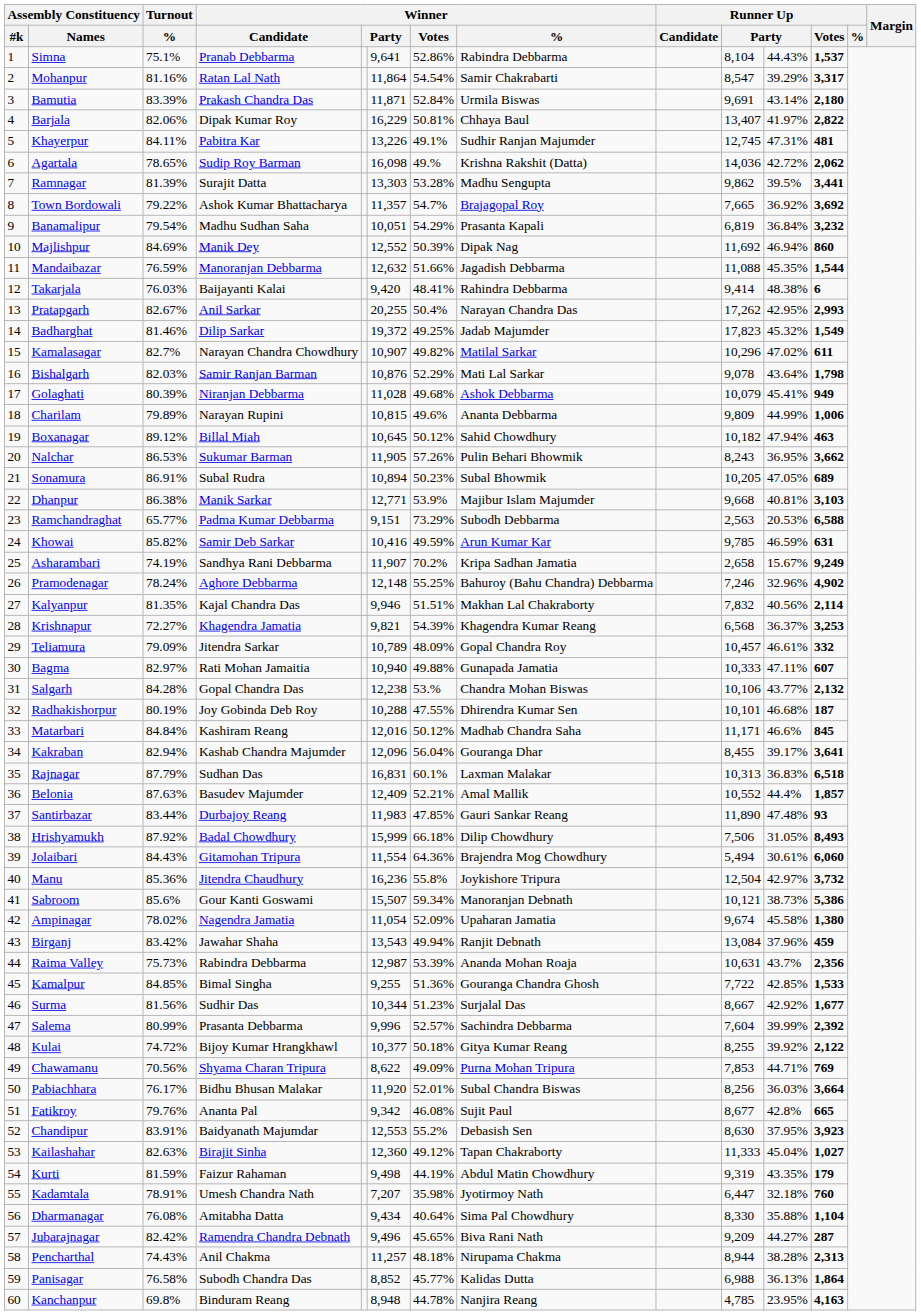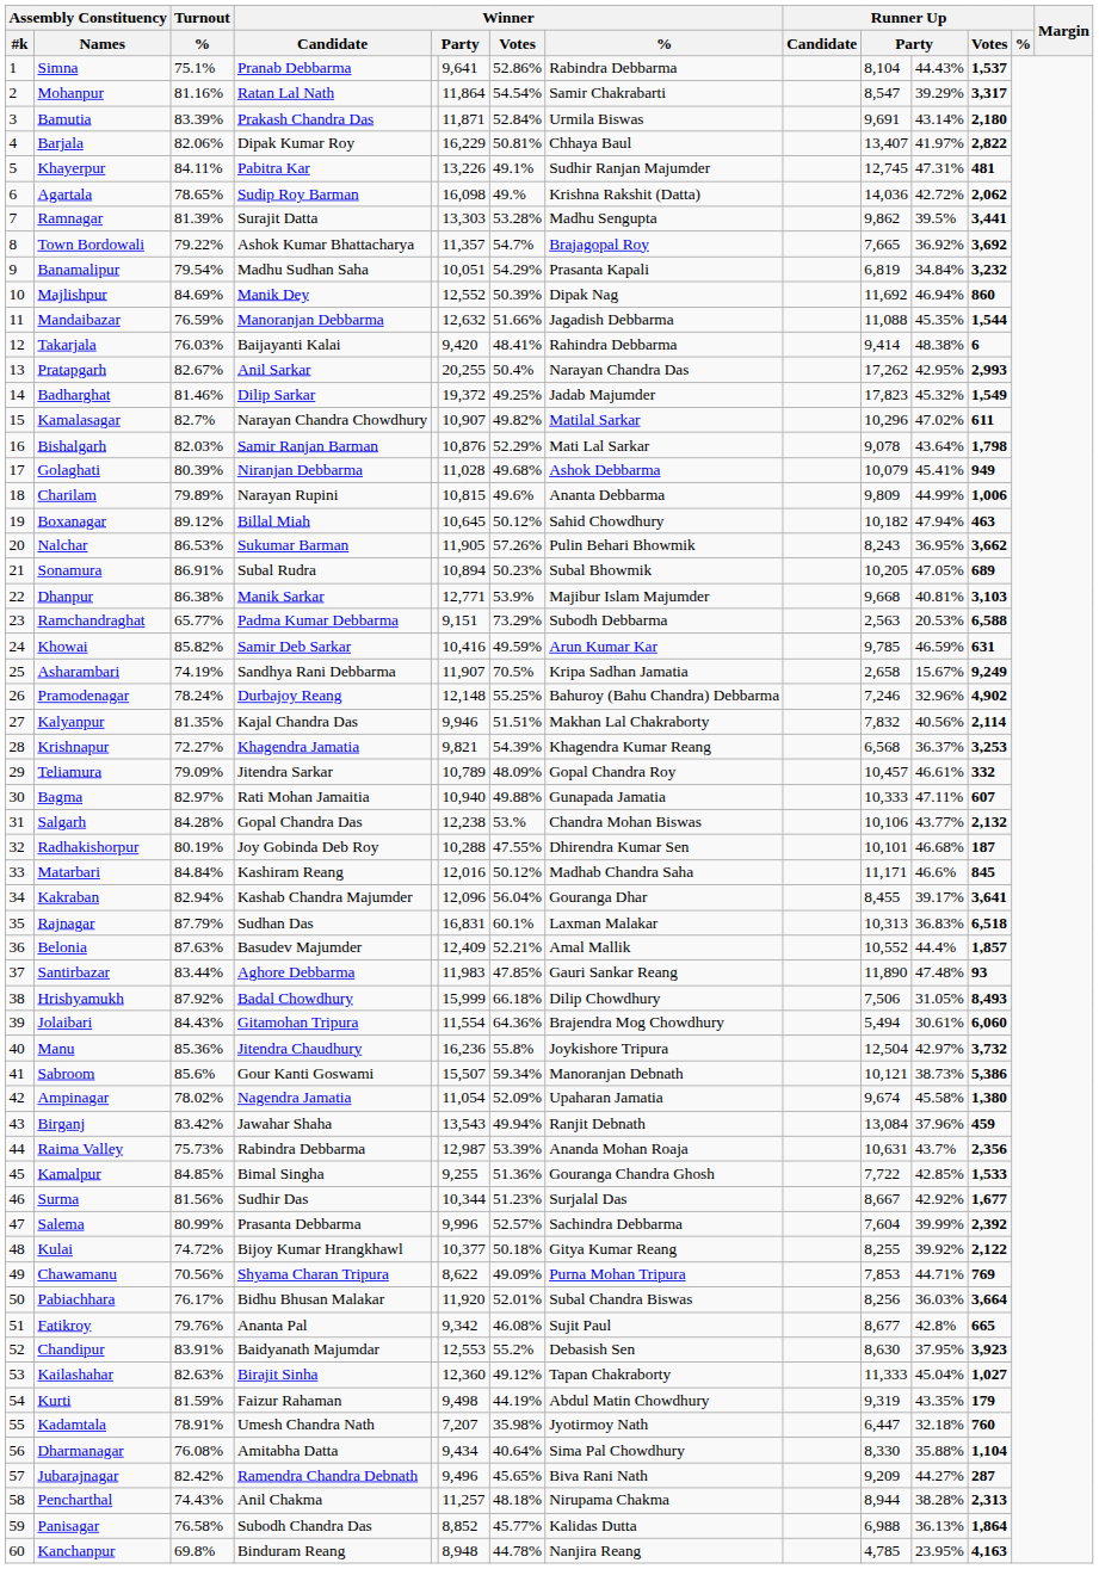 <table class="wikitable sortable">
 <tr>
 <th colspan="2">Assembly Constituency</th>
 <th>Turnout</th>
 <th colspan="5">Winner</th>
 <th colspan="5">Runner Up</th>
 <th rowspan="2" data-sort-type=number>Margin</th>
 </tr>
 <tr>
 <th>#k</th>
 <th>Names</th>
 <th>%</th>
 <th>Candidate</th>
 <th colspan="2">Party</th>
 <th data-sort-type=number>Votes</th>
 <th>%</th>
 <th>Candidate</th>
 <th colspan="2">Party</th>
 <th data-sort-type=number>Votes</th>
 <th>%</th>
 </tr>
 <tr>
 <td>1</td>
 <td><a href='#'>Simna</a></td>
 <td>75.1%</td>
 <td><a href='#'>Pranab Debbarma</a></td>
 <td></td>
 <td>9,641</td>
 <td>52.86%</td>
 <td>Rabindra Debbarma</td>
 <td></td>
 <td>8,104</td>
 <td>44.43%</td>
 <td style="background:"><span><strong>1,537</strong></span></td>
 </tr>
 <tr>
 <td>2</td>
 <td><a href='#'>Mohanpur</a></td>
 <td>81.16%</td>
 <td><a href='#'>Ratan Lal Nath</a></td>
 <td></td>
 <td>11,864</td>
 <td>54.54%</td>
 <td>Samir Chakrabarti</td>
 <td></td>
 <td>8,547</td>
 <td>39.29%</td>
 <td style="background:"><span><strong>3,317</strong></span></td>
 </tr>
 <tr>
 <td>3</td>
 <td><a href='#'>Bamutia</a></td>
 <td>83.39%</td>
 <td><a href='#'>Prakash Chandra Das</a></td>
 <td></td>
 <td>11,871</td>
 <td>52.84%</td>
 <td>Urmila Biswas</td>
 <td></td>
 <td>9,691</td>
 <td>43.14%</td>
 <td style="background:"><span><strong>2,180</strong></span></td>
 </tr>
 <tr>
 <td>4</td>
 <td><a href='#'>Barjala</a></td>
 <td>82.06%</td>
 <td>Dipak Kumar Roy</td>
 <td></td>
 <td>16,229</td>
 <td>50.81%</td>
 <td>Chhaya Baul</td>
 <td></td>
 <td>13,407</td>
 <td>41.97%</td>
 <td style="background:"><span><strong>2,822</strong></span></td>
 </tr>
 <tr>
 <td>5</td>
 <td><a href='#'>Khayerpur</a></td>
 <td>84.11%</td>
 <td><a href='#'>Pabitra Kar</a></td>
 <td></td>
 <td>13,226</td>
 <td>49.1%</td>
 <td>Sudhir Ranjan Majumder</td>
 <td></td>
 <td>12,745</td>
 <td>47.31%</td>
 <td style="background:"><span><strong>481</strong></span></td>
 </tr>
 <tr>
 <td>6</td>
 <td><a href='#'>Agartala</a></td>
 <td>78.65%</td>
 <td><a href='#'>Sudip Roy Barman</a></td>
 <td></td>
 <td>16,098</td>
 <td>49.%</td>
 <td>Krishna Rakshit (Datta)</td>
 <td></td>
 <td>14,036</td>
 <td>42.72%</td>
 <td style="background:"><span><strong>2,062</strong></span></td>
 </tr>
 <tr>
 <td>7</td>
 <td><a href='#'>Ramnagar</a></td>
 <td>81.39%</td>
 <td>Surajit Datta</td>
 <td></td>
 <td>13,303</td>
 <td>53.28%</td>
 <td>Madhu Sengupta</td>
 <td></td>
 <td>9,862</td>
 <td>39.5%</td>
 <td style="background:"><span><strong>3,441</strong></span></td>
 </tr>
 <tr>
 <td>8</td>
 <td><a href='#'>Town Bordowali</a></td>
 <td>79.22%</td>
 <td>Ashok Kumar Bhattacharya</td>
 <td></td>
 <td>11,357</td>
 <td>54.7%</td>
 <td><a href='#'>Brajagopal Roy</a></td>
 <td></td>
 <td>7,665</td>
 <td>36.92%</td>
 <td style="background:"><span><strong>3,692</strong></span></td>
 </tr>
 <tr>
 <td>9</td>
 <td><a href='#'>Banamalipur</a></td>
 <td>79.54%</td>
 <td>Madhu Sudhan Saha</td>
 <td></td>
 <td>10,051</td>
 <td>54.29%</td>
 <td>Prasanta Kapali</td>
 <td></td>
 <td>6,819</td>
-<td>36.84%</td>
+<td>34.84%</td>
 <td style="background:"><span><strong>3,232</strong></span></td>
 </tr>
 <tr>
 <td>10</td>
 <td><a href='#'>Majlishpur</a></td>
 <td>84.69%</td>
 <td><a href='#'>Manik Dey</a></td>
 <td></td>
 <td>12,552</td>
 <td>50.39%</td>
 <td>Dipak Nag</td>
 <td></td>
 <td>11,692</td>
 <td>46.94%</td>
 <td style="background:"><span><strong>860</strong></span></td>
 </tr>
 <tr>
 <td>11</td>
 <td><a href='#'>Mandaibazar</a></td>
 <td>76.59%</td>
 <td><a href='#'>Manoranjan Debbarma</a></td>
 <td></td>
 <td>12,632</td>
 <td>51.66%</td>
 <td>Jagadish Debbarma</td>
 <td></td>
 <td>11,088</td>
 <td>45.35%</td>
 <td style="background:"><span><strong>1,544</strong></span></td>
 </tr>
 <tr>
 <td>12</td>
 <td><a href='#'>Takarjala</a></td>
 <td>76.03%</td>
 <td>Baijayanti Kalai</td>
 <td></td>
 <td>9,420</td>
 <td>48.41%</td>
 <td>Rahindra Debbarma</td>
 <td></td>
 <td>9,414</td>
 <td>48.38%</td>
 <td style="background:"><span><strong>6</strong></span></td>
 </tr>
 <tr>
 <td>13</td>
 <td><a href='#'>Pratapgarh</a></td>
 <td>82.67%</td>
 <td><a href='#'>Anil Sarkar</a></td>
 <td></td>
 <td>20,255</td>
 <td>50.4%</td>
 <td>Narayan Chandra Das</td>
 <td></td>
 <td>17,262</td>
 <td>42.95%</td>
 <td style="background:"><span><strong>2,993</strong></span></td>
 </tr>
 <tr>
 <td>14</td>
 <td><a href='#'>Badharghat</a></td>
 <td>81.46%</td>
 <td><a href='#'>Dilip Sarkar</a></td>
 <td></td>
 <td>19,372</td>
 <td>49.25%</td>
 <td>Jadab Majumder</td>
 <td></td>
 <td>17,823</td>
 <td>45.32%</td>
 <td style="background:"><span><strong>1,549</strong></span></td>
 </tr>
 <tr>
 <td>15</td>
 <td><a href='#'>Kamalasagar</a></td>
 <td>82.7%</td>
 <td>Narayan Chandra Chowdhury</td>
 <td></td>
 <td>10,907</td>
 <td>49.82%</td>
 <td><a href='#'>Matilal Sarkar</a></td>
 <td></td>
 <td>10,296</td>
 <td>47.02%</td>
 <td style="background:"><span><strong>611</strong></span></td>
 </tr>
 <tr>
 <td>16</td>
 <td><a href='#'>Bishalgarh</a></td>
 <td>82.03%</td>
 <td><a href='#'>Samir Ranjan Barman</a></td>
 <td></td>
 <td>10,876</td>
 <td>52.29%</td>
 <td>Mati Lal Sarkar</td>
 <td></td>
 <td>9,078</td>
 <td>43.64%</td>
 <td style="background:"><span><strong>1,798</strong></span></td>
 </tr>
 <tr>
 <td>17</td>
 <td><a href='#'>Golaghati</a></td>
 <td>80.39%</td>
 <td><a href='#'>Niranjan Debbarma</a></td>
 <td></td>
 <td>11,028</td>
 <td>49.68%</td>
 <td><a href='#'>Ashok Debbarma</a></td>
 <td></td>
 <td>10,079</td>
 <td>45.41%</td>
 <td style="background:"><span><strong>949</strong></span></td>
 </tr>
 <tr>
 <td>18</td>
 <td><a href='#'>Charilam</a></td>
 <td>79.89%</td>
 <td>Narayan Rupini</td>
 <td></td>
 <td>10,815</td>
 <td>49.6%</td>
 <td>Ananta Debbarma</td>
 <td></td>
 <td>9,809</td>
 <td>44.99%</td>
 <td style="background:"><span><strong>1,006</strong></span></td>
 </tr>
 <tr>
 <td>19</td>
 <td><a href='#'>Boxanagar</a></td>
 <td>89.12%</td>
 <td><a href='#'>Billal Miah</a></td>
 <td></td>
 <td>10,645</td>
 <td>50.12%</td>
 <td>Sahid Chowdhury</td>
 <td></td>
 <td>10,182</td>
 <td>47.94%</td>
 <td style="background:"><span><strong>463</strong></span></td>
 </tr>
 <tr>
 <td>20</td>
 <td><a href='#'>Nalchar</a></td>
 <td>86.53%</td>
 <td><a href='#'>Sukumar Barman</a></td>
 <td></td>
 <td>11,905</td>
 <td>57.26%</td>
 <td>Pulin Behari Bhowmik</td>
 <td></td>
 <td>8,243</td>
 <td>36.95%</td>
 <td style="background:"><span><strong>3,662</strong></span></td>
 </tr>
 <tr>
 <td>21</td>
 <td><a href='#'>Sonamura</a></td>
 <td>86.91%</td>
 <td>Subal Rudra</td>
 <td></td>
 <td>10,894</td>
 <td>50.23%</td>
 <td>Subal Bhowmik</td>
 <td></td>
 <td>10,205</td>
 <td>47.05%</td>
 <td style="background:"><span><strong>689</strong></span></td>
 </tr>
 <tr>
 <td>22</td>
 <td><a href='#'>Dhanpur</a></td>
 <td>86.38%</td>
 <td><a href='#'>Manik Sarkar</a></td>
 <td></td>
 <td>12,771</td>
 <td>53.9%</td>
 <td>Majibur Islam Majumder</td>
 <td></td>
 <td>9,668</td>
 <td>40.81%</td>
 <td style="background:"><span><strong>3,103</strong></span></td>
 </tr>
 <tr>
 <td>23</td>
 <td><a href='#'>Ramchandraghat</a></td>
 <td>65.77%</td>
 <td><a href='#'>Padma Kumar Debbarma</a></td>
 <td></td>
 <td>9,151</td>
 <td>73.29%</td>
 <td>Subodh Debbarma</td>
 <td></td>
 <td>2,563</td>
 <td>20.53%</td>
 <td style="background:"><span><strong>6,588</strong></span></td>
 </tr>
 <tr>
 <td>24</td>
 <td><a href='#'>Khowai</a></td>
 <td>85.82%</td>
 <td><a href='#'>Samir Deb Sarkar</a></td>
 <td></td>
 <td>10,416</td>
 <td>49.59%</td>
 <td><a href='#'>Arun Kumar Kar</a></td>
 <td></td>
 <td>9,785</td>
 <td>46.59%</td>
 <td style="background:"><span><strong>631</strong></span></td>
 </tr>
 <tr>
 <td>25</td>
 <td><a href='#'>Asharambari</a></td>
 <td>74.19%</td>
 <td>Sandhya Rani Debbarma</td>
 <td></td>
 <td>11,907</td>
-<td>70.2%</td>
+<td>70.5%</td>
 <td>Kripa Sadhan Jamatia</td>
 <td></td>
 <td>2,658</td>
 <td>15.67%</td>
 <td style="background:"><span><strong>9,249</strong></span></td>
 </tr>
 <tr>
 <td>26</td>
 <td><a href='#'>Pramodenagar</a></td>
 <td>78.24%</td>
-<td><a href='#'>Aghore Debbarma</a></td>
+<td><a href='#'>Durbajoy Reang</a></td>
 <td></td>
 <td>12,148</td>
 <td>55.25%</td>
 <td>Bahuroy (Bahu Chandra) Debbarma</td>
 <td></td>
 <td>7,246</td>
 <td>32.96%</td>
 <td style="background:"><span><strong>4,902</strong></span></td>
 </tr>
 <tr>
 <td>27</td>
 <td><a href='#'>Kalyanpur</a></td>
 <td>81.35%</td>
 <td>Kajal Chandra Das</td>
 <td></td>
 <td>9,946</td>
 <td>51.51%</td>
 <td>Makhan Lal Chakraborty</td>
 <td></td>
 <td>7,832</td>
 <td>40.56%</td>
 <td style="background:"><span><strong>2,114</strong></span></td>
 </tr>
 <tr>
 <td>28</td>
 <td><a href='#'>Krishnapur</a></td>
 <td>72.27%</td>
 <td><a href='#'>Khagendra Jamatia</a></td>
 <td></td>
 <td>9,821</td>
 <td>54.39%</td>
 <td>Khagendra Kumar Reang</td>
 <td></td>
 <td>6,568</td>
 <td>36.37%</td>
 <td style="background:"><span><strong>3,253</strong></span></td>
 </tr>
 <tr>
 <td>29</td>
 <td><a href='#'>Teliamura</a></td>
 <td>79.09%</td>
 <td>Jitendra Sarkar</td>
 <td></td>
 <td>10,789</td>
 <td>48.09%</td>
 <td>Gopal Chandra Roy</td>
 <td></td>
 <td>10,457</td>
 <td>46.61%</td>
 <td style="background:"><span><strong>332</strong></span></td>
 </tr>
 <tr>
 <td>30</td>
 <td><a href='#'>Bagma</a></td>
 <td>82.97%</td>
 <td>Rati Mohan Jamaitia</td>
 <td></td>
 <td>10,940</td>
 <td>49.88%</td>
 <td>Gunapada Jamatia</td>
 <td></td>
 <td>10,333</td>
 <td>47.11%</td>
 <td style="background:"><span><strong>607</strong></span></td>
 </tr>
 <tr>
 <td>31</td>
 <td><a href='#'>Salgarh</a></td>
 <td>84.28%</td>
 <td>Gopal Chandra Das</td>
 <td></td>
 <td>12,238</td>
 <td>53.%</td>
 <td>Chandra Mohan Biswas</td>
 <td></td>
 <td>10,106</td>
 <td>43.77%</td>
 <td style="background:"><span><strong>2,132</strong></span></td>
 </tr>
 <tr>
 <td>32</td>
 <td><a href='#'>Radhakishorpur</a></td>
 <td>80.19%</td>
 <td>Joy Gobinda Deb Roy</td>
 <td></td>
 <td>10,288</td>
 <td>47.55%</td>
 <td>Dhirendra Kumar Sen</td>
 <td></td>
 <td>10,101</td>
 <td>46.68%</td>
 <td style="background:"><span><strong>187</strong></span></td>
 </tr>
 <tr>
 <td>33</td>
 <td><a href='#'>Matarbari</a></td>
 <td>84.84%</td>
 <td>Kashiram Reang</td>
 <td></td>
 <td>12,016</td>
 <td>50.12%</td>
 <td>Madhab Chandra Saha</td>
 <td></td>
 <td>11,171</td>
 <td>46.6%</td>
 <td style="background:"><span><strong>845</strong></span></td>
 </tr>
 <tr>
 <td>34</td>
 <td><a href='#'>Kakraban</a></td>
 <td>82.94%</td>
 <td>Kashab Chandra Majumder</td>
 <td></td>
 <td>12,096</td>
 <td>56.04%</td>
 <td>Gouranga Dhar</td>
 <td></td>
 <td>8,455</td>
 <td>39.17%</td>
 <td style="background:"><span><strong>3,641</strong></span></td>
 </tr>
 <tr>
 <td>35</td>
 <td><a href='#'>Rajnagar</a></td>
 <td>87.79%</td>
 <td>Sudhan Das</td>
 <td></td>
 <td>16,831</td>
 <td>60.1%</td>
 <td>Laxman Malakar</td>
 <td></td>
 <td>10,313</td>
 <td>36.83%</td>
 <td style="background:"><span><strong>6,518</strong></span></td>
 </tr>
 <tr>
 <td>36</td>
 <td><a href='#'>Belonia</a></td>
 <td>87.63%</td>
 <td>Basudev Majumder</td>
 <td></td>
 <td>12,409</td>
 <td>52.21%</td>
 <td>Amal Mallik</td>
 <td></td>
 <td>10,552</td>
 <td>44.4%</td>
 <td style="background:"><span><strong>1,857</strong></span></td>
 </tr>
 <tr>
 <td>37</td>
 <td><a href='#'>Santirbazar</a></td>
 <td>83.44%</td>
-<td><a href='#'>Durbajoy Reang</a></td>
+<td><a href='#'>Aghore Debbarma</a></td>
 <td></td>
 <td>11,983</td>
 <td>47.85%</td>
 <td>Gauri Sankar Reang</td>
 <td></td>
 <td>11,890</td>
 <td>47.48%</td>
 <td style="background:"><span><strong>93</strong></span></td>
 </tr>
 <tr>
 <td>38</td>
 <td><a href='#'>Hrishyamukh</a></td>
 <td>87.92%</td>
 <td><a href='#'>Badal Chowdhury</a></td>
 <td></td>
 <td>15,999</td>
 <td>66.18%</td>
 <td>Dilip Chowdhury</td>
 <td></td>
 <td>7,506</td>
 <td>31.05%</td>
 <td style="background:"><span><strong>8,493</strong></span></td>
 </tr>
 <tr>
 <td>39</td>
 <td><a href='#'>Jolaibari</a></td>
 <td>84.43%</td>
 <td><a href='#'>Gitamohan Tripura</a></td>
 <td></td>
 <td>11,554</td>
 <td>64.36%</td>
 <td>Brajendra Mog Chowdhury</td>
 <td></td>
 <td>5,494</td>
 <td>30.61%</td>
 <td style="background:"><span><strong>6,060</strong></span></td>
 </tr>
 <tr>
 <td>40</td>
 <td><a href='#'>Manu</a></td>
 <td>85.36%</td>
 <td><a href='#'>Jitendra Chaudhury</a></td>
 <td></td>
 <td>16,236</td>
 <td>55.8%</td>
 <td>Joykishore Tripura</td>
 <td></td>
 <td>12,504</td>
 <td>42.97%</td>
 <td style="background:"><span><strong>3,732</strong></span></td>
 </tr>
 <tr>
 <td>41</td>
 <td><a href='#'>Sabroom</a></td>
 <td>85.6%</td>
 <td>Gour Kanti Goswami</td>
 <td></td>
 <td>15,507</td>
 <td>59.34%</td>
 <td>Manoranjan Debnath</td>
 <td></td>
 <td>10,121</td>
 <td>38.73%</td>
 <td style="background:"><span><strong>5,386</strong></span></td>
 </tr>
 <tr>
 <td>42</td>
 <td><a href='#'>Ampinagar</a></td>
 <td>78.02%</td>
 <td><a href='#'>Nagendra Jamatia</a></td>
 <td></td>
 <td>11,054</td>
 <td>52.09%</td>
 <td>Upaharan Jamatia</td>
 <td></td>
 <td>9,674</td>
 <td>45.58%</td>
 <td style="background:"><span><strong>1,380</strong></span></td>
 </tr>
 <tr>
 <td>43</td>
 <td><a href='#'>Birganj</a></td>
 <td>83.42%</td>
 <td>Jawahar Shaha</td>
 <td></td>
 <td>13,543</td>
 <td>49.94%</td>
 <td>Ranjit Debnath</td>
 <td></td>
 <td>13,084</td>
 <td>37.96%</td>
 <td style="background:"><span><strong>459</strong></span></td>
 </tr>
 <tr>
 <td>44</td>
 <td><a href='#'>Raima Valley</a></td>
 <td>75.73%</td>
 <td>Rabindra Debbarma</td>
 <td></td>
 <td>12,987</td>
 <td>53.39%</td>
 <td>Ananda Mohan Roaja</td>
 <td></td>
 <td>10,631</td>
 <td>43.7%</td>
 <td style="background:"><span><strong>2,356</strong></span></td>
 </tr>
 <tr>
 <td>45</td>
 <td><a href='#'>Kamalpur</a></td>
 <td>84.85%</td>
 <td>Bimal Singha</td>
 <td></td>
 <td>9,255</td>
 <td>51.36%</td>
 <td>Gouranga Chandra Ghosh</td>
 <td></td>
 <td>7,722</td>
 <td>42.85%</td>
 <td style="background:"><span><strong>1,533</strong></span></td>
 </tr>
 <tr>
 <td>46</td>
 <td><a href='#'>Surma</a></td>
 <td>81.56%</td>
 <td>Sudhir Das</td>
 <td></td>
 <td>10,344</td>
 <td>51.23%</td>
 <td>Surjalal Das</td>
 <td></td>
 <td>8,667</td>
 <td>42.92%</td>
 <td style="background:"><span><strong>1,677</strong></span></td>
 </tr>
 <tr>
 <td>47</td>
 <td><a href='#'>Salema</a></td>
 <td>80.99%</td>
 <td>Prasanta Debbarma</td>
 <td></td>
 <td>9,996</td>
 <td>52.57%</td>
 <td>Sachindra Debbarma</td>
 <td></td>
 <td>7,604</td>
 <td>39.99%</td>
 <td style="background:"><span><strong>2,392</strong></span></td>
 </tr>
 <tr>
 <td>48</td>
 <td><a href='#'>Kulai</a></td>
 <td>74.72%</td>
 <td>Bijoy Kumar Hrangkhawl</td>
 <td></td>
 <td>10,377</td>
 <td>50.18%</td>
 <td>Gitya Kumar Reang</td>
 <td></td>
 <td>8,255</td>
 <td>39.92%</td>
 <td style="background:"><span><strong>2,122</strong></span></td>
 </tr>
 <tr>
 <td>49</td>
 <td><a href='#'>Chawamanu</a></td>
 <td>70.56%</td>
 <td><a href='#'>Shyama Charan Tripura</a></td>
 <td></td>
 <td>8,622</td>
 <td>49.09%</td>
 <td><a href='#'>Purna Mohan Tripura</a></td>
 <td></td>
 <td>7,853</td>
 <td>44.71%</td>
 <td style="background:"><span><strong>769</strong></span></td>
 </tr>
 <tr>
 <td>50</td>
 <td><a href='#'>Pabiachhara</a></td>
 <td>76.17%</td>
 <td>Bidhu Bhusan Malakar</td>
 <td></td>
 <td>11,920</td>
 <td>52.01%</td>
 <td>Subal Chandra Biswas</td>
 <td></td>
 <td>8,256</td>
 <td>36.03%</td>
 <td style="background:"><span><strong>3,664</strong></span></td>
 </tr>
 <tr>
 <td>51</td>
 <td><a href='#'>Fatikroy</a></td>
 <td>79.76%</td>
 <td>Ananta Pal</td>
 <td></td>
 <td>9,342</td>
 <td>46.08%</td>
 <td>Sujit Paul</td>
 <td></td>
 <td>8,677</td>
 <td>42.8%</td>
 <td style="background:"><span><strong>665</strong></span></td>
 </tr>
 <tr>
 <td>52</td>
 <td><a href='#'>Chandipur</a></td>
 <td>83.91%</td>
 <td>Baidyanath Majumdar</td>
 <td></td>
 <td>12,553</td>
 <td>55.2%</td>
 <td>Debasish Sen</td>
 <td></td>
 <td>8,630</td>
 <td>37.95%</td>
 <td style="background:"><span><strong>3,923</strong></span></td>
 </tr>
 <tr>
 <td>53</td>
 <td><a href='#'>Kailashahar</a></td>
 <td>82.63%</td>
 <td><a href='#'>Birajit Sinha</a></td>
 <td></td>
 <td>12,360</td>
 <td>49.12%</td>
 <td>Tapan Chakraborty</td>
 <td></td>
 <td>11,333</td>
 <td>45.04%</td>
 <td style="background:"><span><strong>1,027</strong></span></td>
 </tr>
 <tr>
 <td>54</td>
 <td><a href='#'>Kurti</a></td>
 <td>81.59%</td>
 <td>Faizur Rahaman</td>
 <td></td>
 <td>9,498</td>
 <td>44.19%</td>
 <td>Abdul Matin Chowdhury</td>
 <td></td>
 <td>9,319</td>
 <td>43.35%</td>
 <td style="background:"><span><strong>179</strong></span></td>
 </tr>
 <tr>
 <td>55</td>
 <td><a href='#'>Kadamtala</a></td>
 <td>78.91%</td>
 <td>Umesh Chandra Nath</td>
 <td></td>
 <td>7,207</td>
 <td>35.98%</td>
 <td>Jyotirmoy Nath</td>
 <td></td>
 <td>6,447</td>
 <td>32.18%</td>
 <td style="background:"><span><strong>760</strong></span></td>
 </tr>
 <tr>
 <td>56</td>
 <td><a href='#'>Dharmanagar</a></td>
 <td>76.08%</td>
 <td>Amitabha Datta</td>
 <td></td>
 <td>9,434</td>
 <td>40.64%</td>
 <td>Sima Pal Chowdhury</td>
 <td></td>
 <td>8,330</td>
 <td>35.88%</td>
 <td style="background:"><span><strong>1,104</strong></span></td>
 </tr>
 <tr>
 <td>57</td>
 <td><a href='#'>Jubarajnagar</a></td>
 <td>82.42%</td>
 <td><a href='#'>Ramendra Chandra Debnath</a></td>
 <td></td>
 <td>9,496</td>
 <td>45.65%</td>
 <td>Biva Rani Nath</td>
 <td></td>
 <td>9,209</td>
 <td>44.27%</td>
 <td style="background:"><span><strong>287</strong></span></td>
 </tr>
 <tr>
 <td>58</td>
 <td><a href='#'>Pencharthal</a></td>
 <td>74.43%</td>
 <td>Anil Chakma</td>
 <td></td>
 <td>11,257</td>
 <td>48.18%</td>
 <td>Nirupama Chakma</td>
 <td></td>
 <td>8,944</td>
 <td>38.28%</td>
 <td style="background:"><span><strong>2,313</strong></span></td>
 </tr>
 <tr>
 <td>59</td>
 <td><a href='#'>Panisagar</a></td>
 <td>76.58%</td>
 <td>Subodh Chandra Das</td>
 <td></td>
 <td>8,852</td>
 <td>45.77%</td>
 <td>Kalidas Dutta</td>
 <td></td>
 <td>6,988</td>
 <td>36.13%</td>
 <td style="background:"><span><strong>1,864</strong></span></td>
 </tr>
 <tr>
 <td>60</td>
 <td><a href='#'>Kanchanpur</a></td>
 <td>69.8%</td>
 <td>Binduram Reang</td>
 <td></td>
 <td>8,948</td>
 <td>44.78%</td>
 <td>Nanjira Reang</td>
 <td></td>
 <td>4,785</td>
 <td>23.95%</td>
 <td style="background:"><span><strong>4,163</strong></span></td>
 </tr>
 </table>
